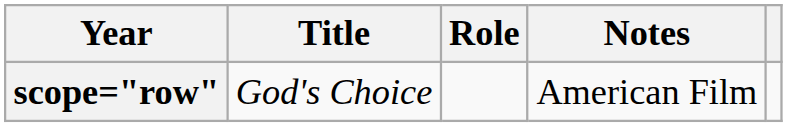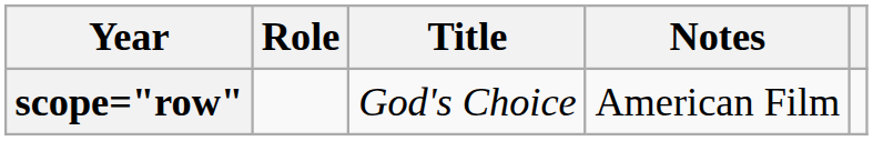 <table class="wikitable sortable plainrowheaders">
 <tr>
 <th scope="col">Year</th>
+<th scope="col">Role</th>
 <th scope="col">Title</th>
-<th scope="col">Role</th>
 <th scope="col">Notes</th>
 <th scope="col" class="unsortable"></th>
 </tr>
 <tr>
 <th>scope="row" </th>
+<td></td>
 <td><em>God's Choice</em></td>
-<td></td>
 <td>American Film</td>
 <td></td>
 </tr>
 </table>
